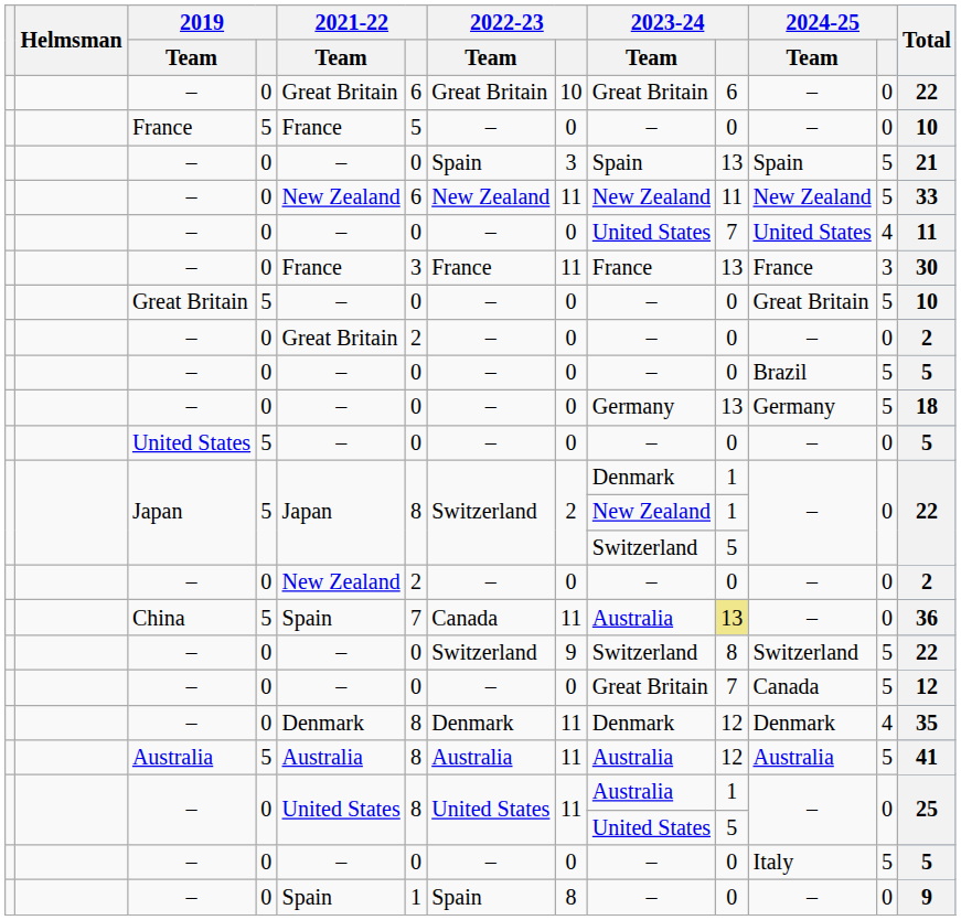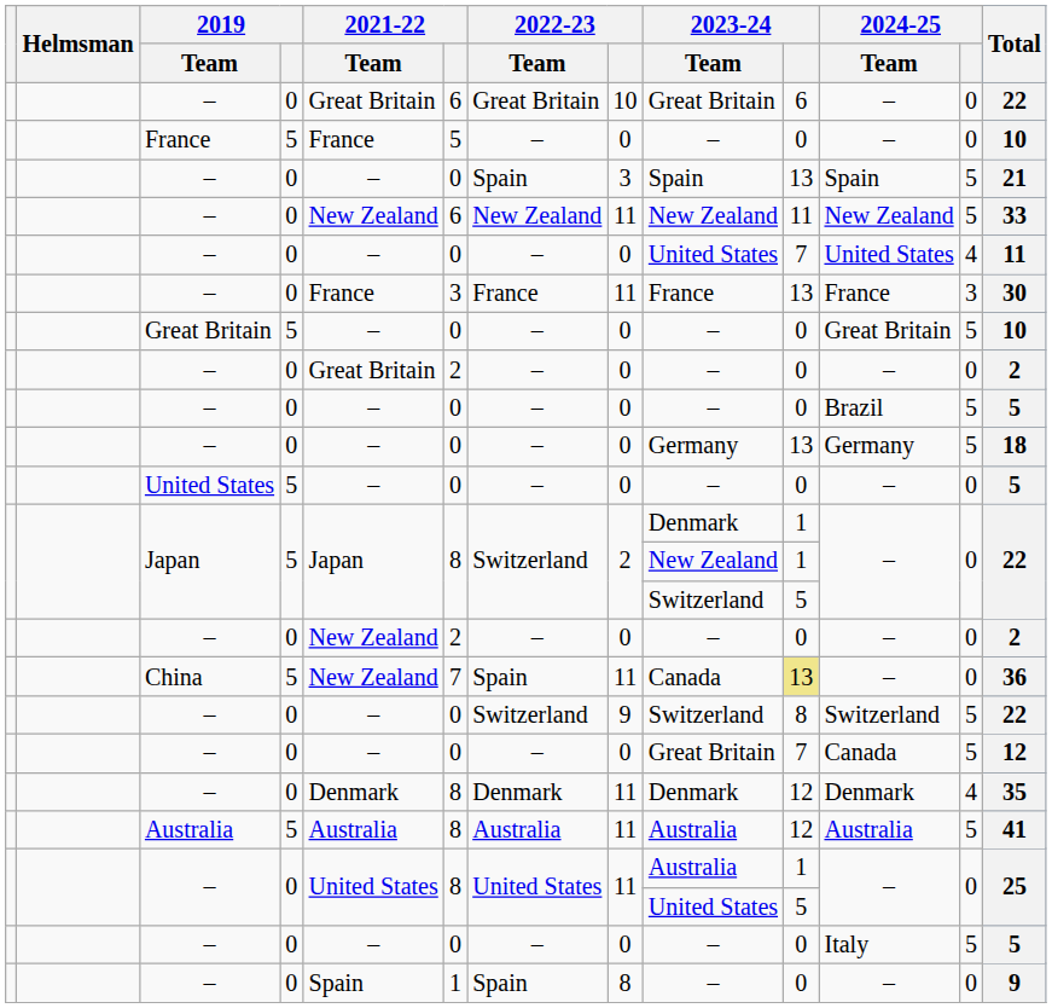 <table class="wikitable sortable" style="text-align:center">
 <tr>
 <th rowspan="2"></th>
 <th rowspan="2">Helmsman</th>
 <th colspan="2"><a href='#'>2019</a></th>
 <th colspan="2"><a href='#'>2021-22</a></th>
 <th colspan="2"><a href='#'>2022-23</a></th>
 <th colspan="2"><a href='#'>2023-24</a></th>
 <th colspan="2"><a href='#'>2024-25</a></th>
 <th style=" border:1px solid #a2a9b1; position:sticky; right: 0" rowspan="2">Total</th>
 </tr>
 <tr>
 <th>Team</th>
 <th></th>
 <th>Team</th>
 <th></th>
 <th>Team</th>
 <th></th>
 <th>Team</th>
 <th></th>
 <th>Team</th>
 <th></th>
 </tr>
 <tr>
 <td></td>
 <td align="left" nowrap=""></td>
 <td>–</td>
 <td>0</td>
 <td align="left" nowrap=""> Great Britain</td>
 <td>6</td>
 <td align="left" nowrap=""> Great Britain</td>
 <td>10</td>
 <td align="left" nowrap=""> Great Britain</td>
 <td>6</td>
 <td>–</td>
 <td>0</td>
 <th style=" border:1px solid #a2a9b1; position:sticky; right: 0" nowrap="">22</th>
 </tr>
 <tr>
 <td></td>
 <td align="left" nowrap=""></td>
 <td align="left" nowrap=""> France</td>
 <td>5</td>
 <td align="left" nowrap=""> France</td>
 <td>5</td>
 <td>–</td>
 <td>0</td>
 <td>–</td>
 <td>0</td>
 <td>–</td>
 <td>0</td>
 <th style=" border:1px solid #a2a9b1; position:sticky; right: 0" nowrap="">10</th>
 </tr>
 <tr>
 <td></td>
 <td align="left" nowrap=""></td>
 <td>–</td>
 <td>0</td>
 <td>–</td>
 <td>0</td>
 <td align="left" nowrap=""> Spain</td>
 <td>3</td>
 <td align="left" nowrap=""> Spain</td>
 <td>13</td>
 <td align="left" nowrap=""> Spain</td>
 <td>5</td>
 <th style=" border:1px solid #a2a9b1; position:sticky; right: 0" nowrap="">21</th>
 </tr>
 <tr>
 <td></td>
 <td align="left" nowrap=""></td>
 <td>–</td>
 <td>0</td>
 <td align="left" nowrap=""> <a href='#'>New Zealand</a></td>
 <td>6</td>
 <td align="left" nowrap=""> <a href='#'>New Zealand</a></td>
 <td>11</td>
 <td align="left" nowrap=""> <a href='#'>New Zealand</a></td>
 <td>11</td>
 <td align="left" nowrap=""> <a href='#'>New Zealand</a></td>
 <td>5</td>
 <th style=" border:1px solid #a2a9b1; position:sticky; right: 0" nowrap="">33</th>
 </tr>
 <tr>
 <td></td>
 <td align="left" nowrap=""></td>
 <td>–</td>
 <td>0</td>
 <td>–</td>
 <td>0</td>
 <td>–</td>
 <td>0</td>
 <td align="left" nowrap=""> <a href='#'>United States</a></td>
 <td>7</td>
 <td align="left" nowrap=""> <a href='#'>United States</a></td>
 <td>4</td>
 <th style=" border:1px solid #a2a9b1; position:sticky; right: 0" nowrap="">11</th>
 </tr>
 <tr>
 <td></td>
 <td align="left" nowrap=""></td>
 <td>–</td>
 <td>0</td>
 <td align="left" nowrap=""> France</td>
 <td>3</td>
 <td align="left" nowrap=""> France</td>
 <td>11</td>
 <td align="left" nowrap=""> France</td>
 <td>13</td>
 <td align="left" nowrap=""> France</td>
 <td>3</td>
 <th style=" border:1px solid #a2a9b1; position:sticky; right: 0" nowrap="">30</th>
 </tr>
 <tr>
 <td></td>
 <td align="left" nowrap=""></td>
 <td align="left" nowrap=""> Great Britain</td>
 <td>5</td>
 <td>–</td>
 <td>0</td>
 <td>–</td>
 <td>0</td>
 <td>–</td>
 <td>0</td>
 <td align="left" nowrap=""> Great Britain</td>
 <td>5</td>
 <th style=" border:1px solid #a2a9b1; position:sticky; right: 0" nowrap="">10</th>
 </tr>
 <tr>
 <td></td>
 <td align="left" nowrap=""></td>
 <td>–</td>
 <td>0</td>
 <td align="left" nowrap=""> Great Britain</td>
 <td>2</td>
 <td>–</td>
 <td>0</td>
 <td>–</td>
 <td>0</td>
 <td>–</td>
 <td>0</td>
 <th style=" border:1px solid #a2a9b1; position:sticky; right: 0" nowrap="">2</th>
 </tr>
 <tr>
 <td></td>
 <td align="left" nowrap=""></td>
 <td>–</td>
 <td>0</td>
 <td>–</td>
 <td>0</td>
 <td>–</td>
 <td>0</td>
 <td>–</td>
 <td>0</td>
 <td align="left" nowrap=""> Brazil</td>
 <td>5</td>
 <th style=" border:1px solid #a2a9b1; position:sticky; right: 0" nowrap="">5</th>
 </tr>
 <tr>
 <td></td>
 <td align="left" nowrap=""></td>
 <td>–</td>
 <td>0</td>
 <td>–</td>
 <td>0</td>
 <td>–</td>
 <td>0</td>
 <td align="left" nowrap=""> Germany</td>
 <td>13</td>
 <td align="left" nowrap=""> Germany</td>
 <td>5</td>
 <th style=" border:1px solid #a2a9b1; position:sticky; right: 0" nowrap="">18</th>
 </tr>
 <tr>
 <td></td>
 <td align="left" nowrap=""></td>
 <td align="left" nowrap=""> <a href='#'>United States</a></td>
 <td>5</td>
 <td>–</td>
 <td>0</td>
 <td>–</td>
 <td>0</td>
 <td>–</td>
 <td>0</td>
 <td>–</td>
 <td>0</td>
 <th style=" border:1px solid #a2a9b1; position:sticky; right: 0" nowrap="">5</th>
 </tr>
 <tr>
 <td rowspan="3"></td>
 <td rowspan="3" align="left" nowrap=""></td>
 <td rowspan="3" align="left" nowrap=""> Japan</td>
 <td rowspan="3">5</td>
 <td rowspan="3" align="left" nowrap=""> Japan</td>
 <td rowspan="3">8</td>
 <td rowspan="3" align="left" nowrap=""> Switzerland</td>
 <td rowspan="3">2</td>
 <td align="left" nowrap=""> Denmark</td>
 <td>1</td>
 <td rowspan="3">–</td>
 <td rowspan="3">0</td>
 <th style=" border:1px solid #a2a9b1; position:sticky; right: 0" nowrap="" rowspan="3">22</th>
 </tr>
 <tr>
 <td align="left" nowrap=""> <a href='#'>New Zealand</a></td>
 <td>1</td>
 </tr>
 <tr>
 <td align="left" nowrap=""> Switzerland</td>
 <td>5</td>
 </tr>
 <tr>
 <td></td>
 <td align="left" nowrap=""></td>
 <td>–</td>
 <td>0</td>
 <td align="left" nowrap=""> <a href='#'>New Zealand</a></td>
 <td>2</td>
 <td>–</td>
 <td>0</td>
 <td>–</td>
 <td>0</td>
 <td>–</td>
 <td>0</td>
 <th style=" border:1px solid #a2a9b1; position:sticky; right: 0" nowrap="">2</th>
 </tr>
 <tr>
 <td></td>
 <td align="left" nowrap=""></td>
 <td align="left" nowrap=""> China</td>
 <td>5</td>
+<td align="left" nowrap=""> <a href='#'>New Zealand</a></td>
+<td>7</td>
 <td align="left" nowrap=""> Spain</td>
-<td>7</td>
+<td>11</td>
 <td align="left" nowrap=""> Canada</td>
-<td>11</td>
-<td align="left" nowrap=""> <a href='#'>Australia</a></td>
 <td style="background: khaki;">13</td>
 <td>–</td>
 <td>0</td>
 <th style=" border:1px solid #a2a9b1; position:sticky; right: 0" nowrap="">36</th>
 </tr>
 <tr>
 <td></td>
 <td align="left" nowrap=""></td>
 <td>–</td>
 <td>0</td>
 <td>–</td>
 <td>0</td>
 <td align="left" nowrap=""> Switzerland</td>
 <td>9</td>
 <td align="left" nowrap=""> Switzerland</td>
 <td>8</td>
 <td align="left" nowrap=""> Switzerland</td>
 <td>5</td>
 <th style=" border:1px solid #a2a9b1; position:sticky; right: 0" nowrap="">22</th>
 </tr>
 <tr>
 <td></td>
 <td align="left" nowrap=""></td>
 <td>–</td>
 <td>0</td>
 <td>–</td>
 <td>0</td>
 <td>–</td>
 <td>0</td>
 <td align="left" nowrap=""> Great Britain</td>
 <td>7</td>
 <td align="left" nowrap=""> Canada</td>
 <td>5</td>
 <th style=" border:1px solid #a2a9b1; position:sticky; right: 0" nowrap="">12</th>
 </tr>
 <tr>
 <td></td>
 <td align="left" nowrap=""></td>
 <td>–</td>
 <td>0</td>
 <td align="left" nowrap=""> Denmark</td>
 <td>8</td>
 <td align="left" nowrap=""> Denmark</td>
 <td>11</td>
 <td align="left" nowrap=""> Denmark</td>
 <td>12</td>
 <td align="left" nowrap=""> Denmark</td>
 <td>4</td>
 <th style=" border:1px solid #a2a9b1; position:sticky; right: 0" nowrap="">35</th>
 </tr>
 <tr>
 <td></td>
 <td align="left" nowrap=""></td>
 <td align="left" nowrap=""> <a href='#'>Australia</a></td>
 <td>5</td>
 <td align="left" nowrap=""> <a href='#'>Australia</a></td>
 <td>8</td>
 <td align="left" nowrap=""> <a href='#'>Australia</a></td>
 <td>11</td>
 <td align="left" nowrap=""> <a href='#'>Australia</a></td>
 <td>12</td>
 <td align="left" nowrap=""> <a href='#'>Australia</a></td>
 <td>5</td>
 <th style=" border:1px solid #a2a9b1; position:sticky; right: 0" nowrap="">41</th>
 </tr>
 <tr>
 <td rowspan="2"></td>
 <td rowspan="2" align="left" nowrap=""></td>
 <td rowspan="2">–</td>
 <td rowspan="2">0</td>
 <td rowspan="2" align="left" nowrap=""> <a href='#'>United States</a></td>
 <td rowspan="2">8</td>
 <td rowspan="2" align="left" nowrap=""> <a href='#'>United States</a></td>
 <td rowspan="2">11</td>
 <td align="left" nowrap=""> <a href='#'>Australia</a></td>
 <td>1</td>
 <td rowspan="2">–</td>
 <td rowspan="2">0</td>
 <th rowspan="2" style=" border:1px solid #a2a9b1; position:sticky; right: 0" nowrap="">25</th>
 </tr>
 <tr>
 <td align="left" nowrap=""> <a href='#'>United States</a></td>
 <td>5</td>
 </tr>
 <tr>
 <td></td>
 <td align="left" nowrap=""></td>
 <td>–</td>
 <td>0</td>
 <td>–</td>
 <td>0</td>
 <td>–</td>
 <td>0</td>
 <td>–</td>
 <td>0</td>
 <td align="left" nowrap=""> Italy</td>
 <td>5</td>
 <th style=" border:1px solid #a2a9b1; position:sticky; right: 0" nowrap="">5</th>
 </tr>
 <tr>
 <td></td>
 <td align="left" nowrap=""></td>
 <td>–</td>
 <td>0</td>
 <td align="left" nowrap=""> Spain</td>
 <td>1</td>
 <td align="left" nowrap=""> Spain</td>
 <td>8</td>
 <td>–</td>
 <td>0</td>
 <td>–</td>
 <td>0</td>
 <th style=" border:1px solid #a2a9b1; position:sticky; right: 0" nowrap="">9</th>
 </tr>
 <tr>
 </tr>
 </table>
